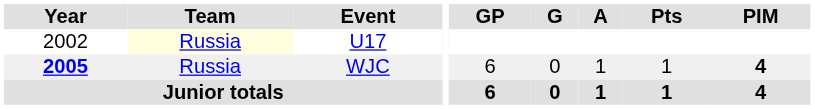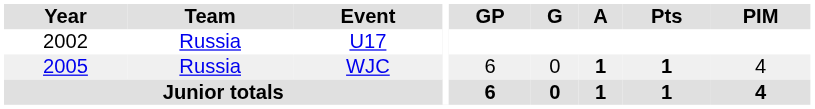 <table border="0" cellpadding="1" cellspacing="0" ID="Table3" style="text-align:center; width:40em">
 <tr ALIGN="center" bgcolor="#e0e0e0">
 <th>Year</th>
 <th>Team</th>
 <th>Event</th>
 <th rowspan="99" bgcolor="#ffffff"></th>
 <th>GP</th>
 <th>G</th>
 <th>A</th>
 <th>Pts</th>
 <th>PIM</th>
 </tr>
 <tr>
 <td>2002</td>
-<td style="background: lightyellow;"><a href='#'>Russia</a></td>
+<td><a href='#'>Russia</a></td>
 <td><a href='#'>U17</a></td>
 <td></td>
 <td></td>
 <td></td>
 <td></td>
 <td></td>
 </tr>
 <tr bgcolor="#f0f0f0">
-<td><strong><a href='#'>2005</a></strong></td>
+<td><a href='#'>2005</a></td>
 <td><a href='#'>Russia</a></td>
 <td><a href='#'>WJC</a></td>
 <td>6</td>
 <td>0</td>
-<td>1</td>
-<td>1</td>
-<td><strong>4</strong></td>
+<td><strong>1</strong></td>
+<td><strong>1</strong></td>
+<td>4</td>
 </tr>
 <tr bgcolor="#e0e0e0">
 <th colspan="3">Junior totals</th>
 <th>6</th>
 <th>0</th>
 <th>1</th>
 <th>1</th>
 <th>4</th>
 </tr>
 </table>
